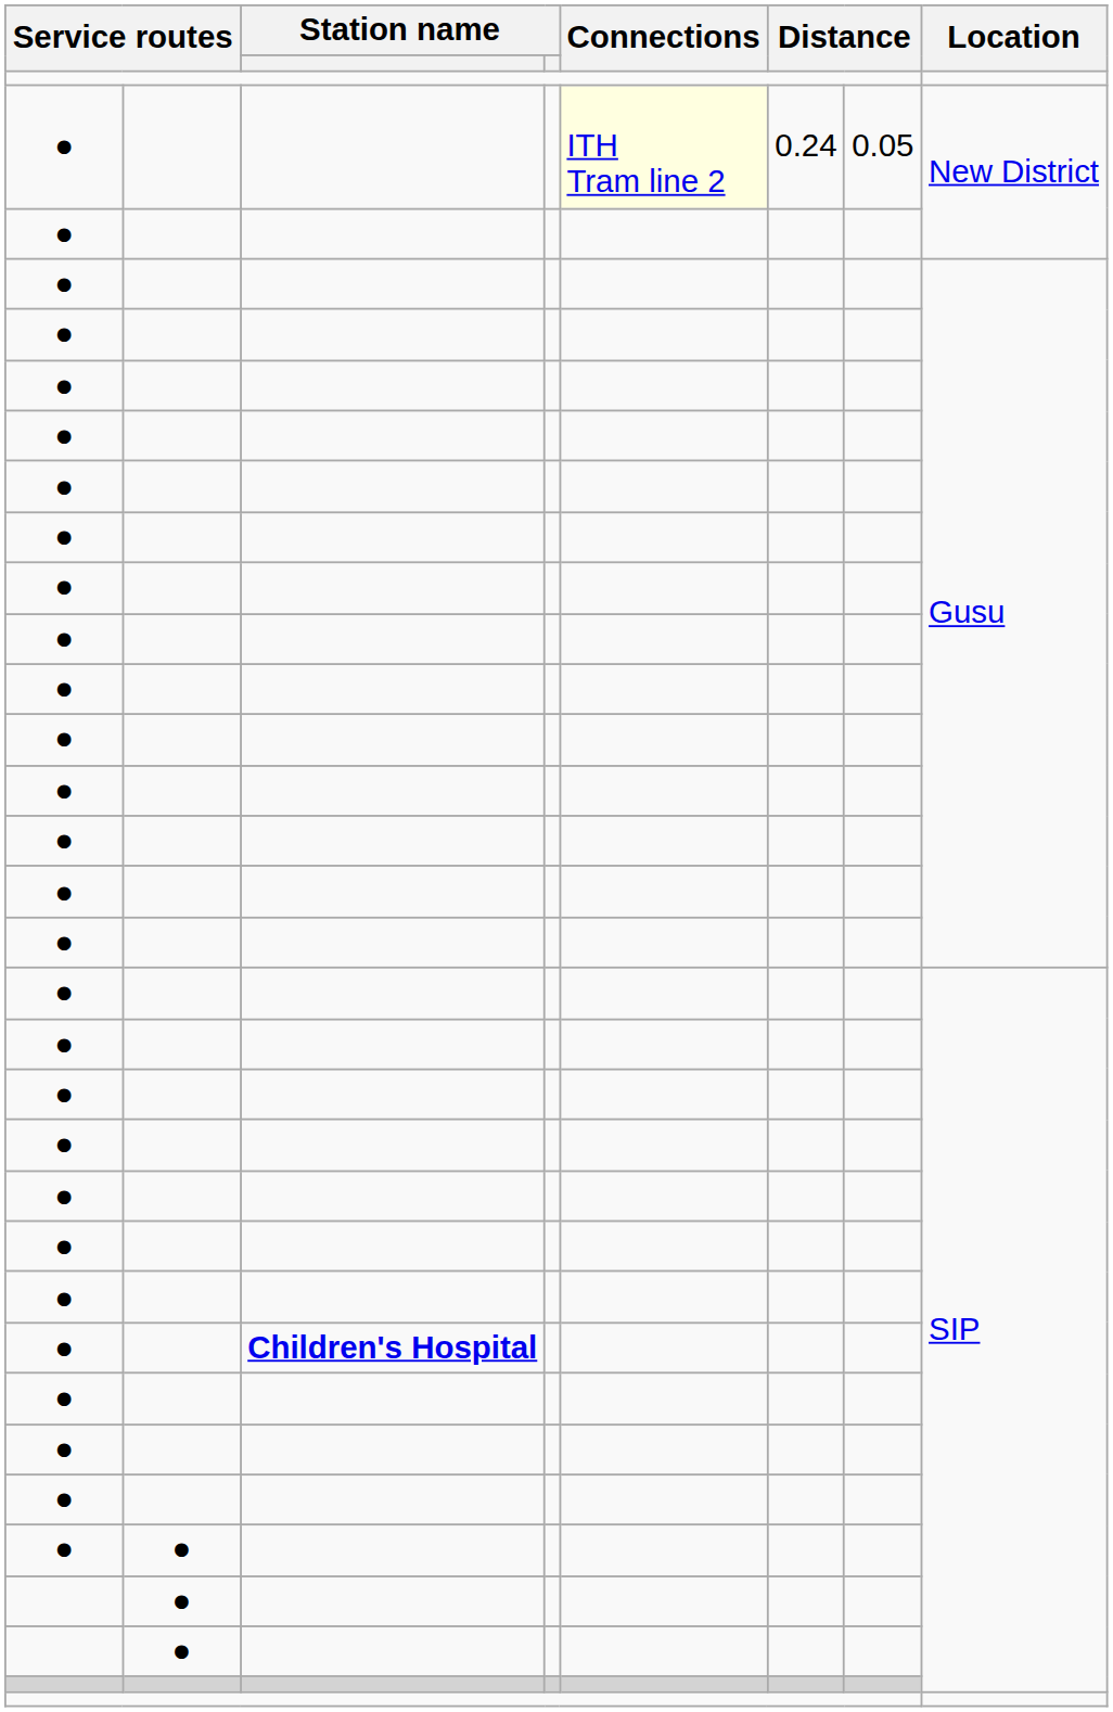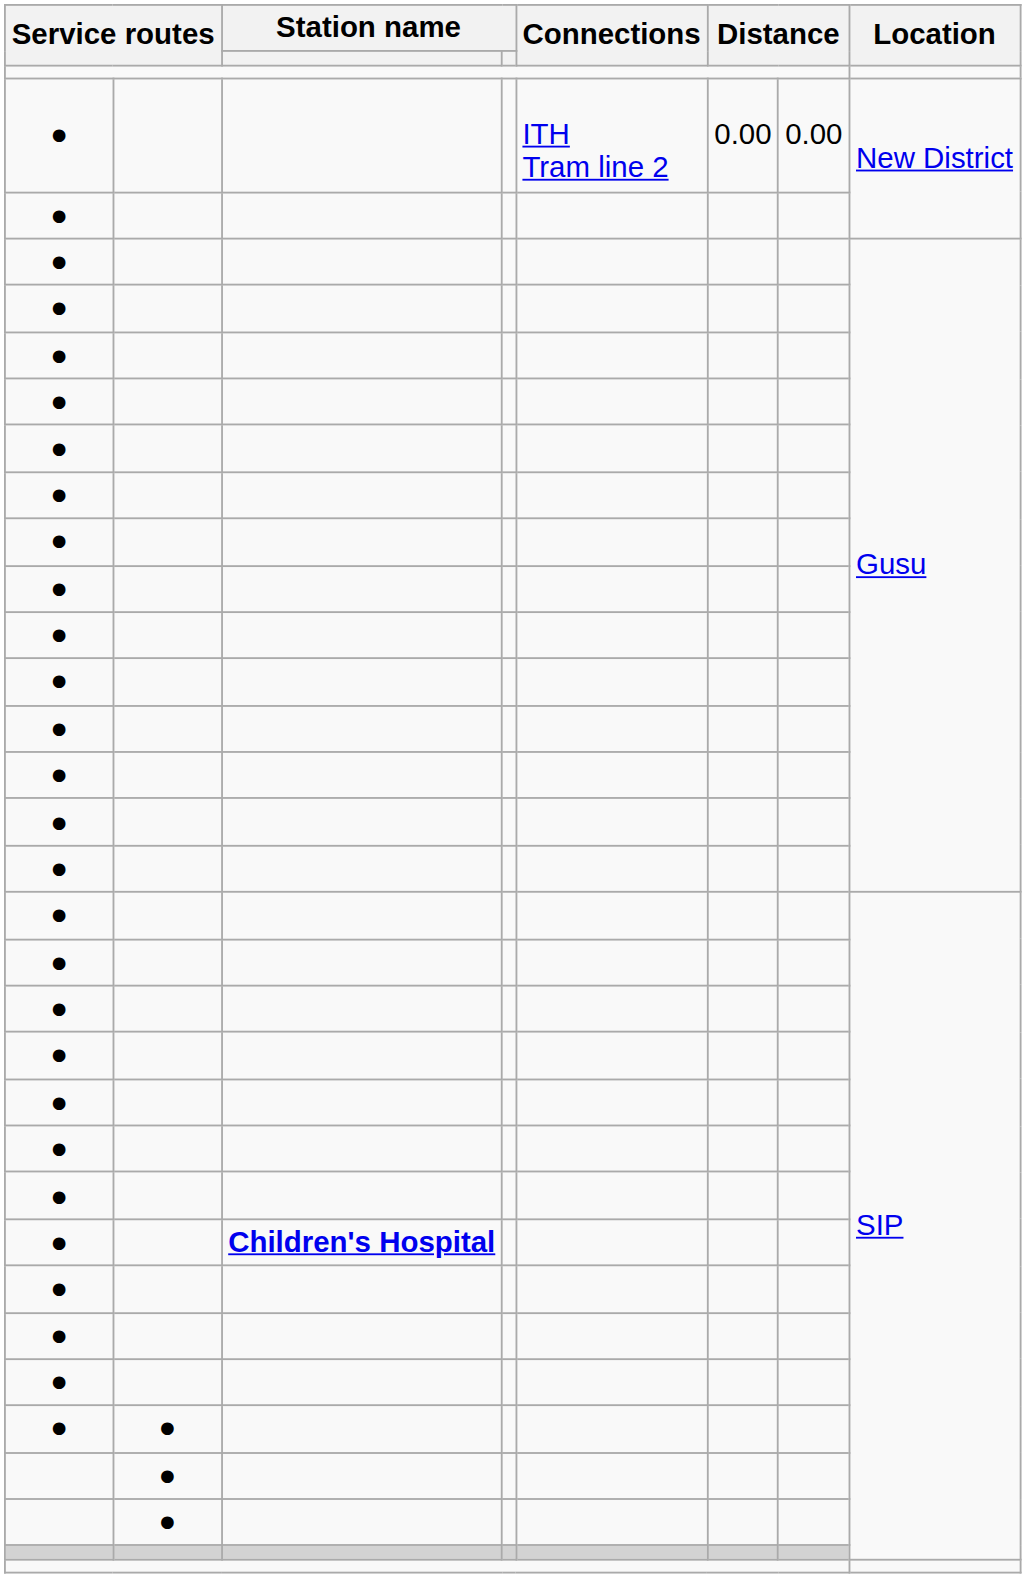 <table class="wikitable">
 <tr>
 <th colspan="2" rowspan="2">Service routes</th>
 <th colspan="2">Station name</th>
 <th rowspan="2">Connections</th>
 <th colspan="2" rowspan="2">Distance<br></th>
 <th rowspan="2">Location</th>
 </tr>
 <tr>
 <th></th>
 <th></th>
 </tr>
 <tr style="background:#">
 <td colspan="7"></td>
 </tr>
 <tr>
 <td align="center">●</td>
 <td></td>
 <td></td>
 <td></td>
-<td style="background: lightyellow;"><br> <a href='#'>ITH</a><br> <a href='#'>Tram line 2</a></td>
-<td>0.24</td>
-<td>0.05</td>
+<td><br> <a href='#'>ITH</a><br> <a href='#'>Tram line 2</a></td>
+<td>0.00</td>
+<td>0.00</td>
 <td rowspan="2"><a href='#'>New District</a></td>
 </tr>
 <tr>
 <td align="center">●</td>
 <td></td>
 <td></td>
 <td></td>
 <td></td>
 <td></td>
 <td></td>
 </tr>
 <tr>
 <td align="center">●</td>
 <td></td>
 <td></td>
 <td></td>
 <td></td>
 <td></td>
 <td></td>
 <td rowspan="14"><a href='#'>Gusu</a></td>
 </tr>
 <tr>
 <td align="center">●</td>
 <td></td>
 <td></td>
 <td></td>
 <td></td>
 <td></td>
 <td></td>
 </tr>
 <tr>
 <td align="center">●</td>
 <td></td>
 <td></td>
 <td></td>
 <td></td>
 <td></td>
 <td></td>
 </tr>
 <tr>
 <td align="center">●</td>
 <td></td>
 <td></td>
 <td></td>
 <td></td>
 <td></td>
 <td></td>
 </tr>
 <tr>
 <td align="center">●</td>
 <td></td>
 <td></td>
 <td></td>
 <td></td>
 <td></td>
 <td></td>
 </tr>
 <tr>
 <td align="center">●</td>
 <td></td>
 <td></td>
 <td></td>
 <td></td>
 <td></td>
 <td></td>
 </tr>
 <tr>
 <td align="center">●</td>
 <td></td>
 <td></td>
 <td></td>
 <td></td>
 <td></td>
 <td></td>
 </tr>
 <tr>
 <td align="center">●</td>
 <td></td>
 <td></td>
 <td></td>
 <td></td>
 <td></td>
 <td></td>
 </tr>
 <tr>
 <td align="center">●</td>
 <td></td>
 <td></td>
 <td></td>
 <td></td>
 <td></td>
 <td></td>
 </tr>
 <tr>
 <td align="center">●</td>
 <td></td>
 <td></td>
 <td></td>
 <td></td>
 <td></td>
 <td></td>
 </tr>
 <tr>
 <td align="center">●</td>
 <td></td>
 <td></td>
 <td></td>
 <td></td>
 <td></td>
 <td></td>
 </tr>
 <tr>
 <td align="center">●</td>
 <td></td>
 <td></td>
 <td></td>
 <td></td>
 <td></td>
 <td></td>
 </tr>
 <tr>
 <td align="center">●</td>
 <td></td>
 <td></td>
 <td></td>
 <td></td>
 <td></td>
 <td></td>
 </tr>
 <tr>
 <td align="center">●</td>
 <td></td>
 <td></td>
 <td></td>
 <td></td>
 <td></td>
 <td></td>
 </tr>
 <tr>
 <td align="center">●</td>
 <td></td>
 <td></td>
 <td></td>
 <td></td>
 <td></td>
 <td></td>
 <td rowspan="15"><a href='#'>SIP</a></td>
 </tr>
 <tr>
 <td align="center">●</td>
 <td></td>
 <td></td>
 <td></td>
 <td></td>
 <td></td>
 <td></td>
 </tr>
 <tr>
 <td align="center">●</td>
 <td></td>
 <td></td>
 <td></td>
 <td></td>
 <td></td>
 <td></td>
 </tr>
 <tr>
 <td align="center">●</td>
 <td></td>
 <td></td>
 <td></td>
 <td></td>
 <td></td>
 <td></td>
 </tr>
 <tr>
 <td align="center">●</td>
 <td></td>
 <td></td>
 <td></td>
 <td></td>
 <td></td>
 <td></td>
 </tr>
 <tr>
 <td align="center">●</td>
 <td></td>
 <td></td>
 <td></td>
 <td></td>
 <td></td>
 <td></td>
 </tr>
 <tr>
 <td align="center">●</td>
 <td></td>
 <td></td>
 <td></td>
 <td></td>
 <td></td>
 <td></td>
 </tr>
 <tr>
 <td align="center">●</td>
 <td></td>
 <td><strong><a href='#'>Children's Hospital</a></strong></td>
 <td></td>
 <td></td>
 <td></td>
 <td></td>
 </tr>
 <tr>
 <td align="center">●</td>
 <td></td>
 <td></td>
 <td></td>
 <td></td>
 <td></td>
 <td></td>
 </tr>
 <tr>
 <td align="center">●</td>
 <td></td>
 <td></td>
 <td></td>
 <td></td>
 <td></td>
 <td></td>
 </tr>
 <tr>
 <td align="center">●</td>
 <td></td>
 <td></td>
 <td></td>
 <td></td>
 <td></td>
 <td></td>
 </tr>
 <tr>
 <td align="center">●</td>
 <td align="center">●</td>
 <td></td>
 <td></td>
 <td></td>
 <td></td>
 <td></td>
 </tr>
 <tr>
 <td></td>
 <td align="center">●</td>
 <td></td>
 <td></td>
 <td></td>
 <td></td>
 <td></td>
 </tr>
 <tr>
 <td></td>
 <td align="center">●</td>
 <td></td>
 <td></td>
 <td></td>
 <td></td>
 <td></td>
 </tr>
 <tr bgcolor="lightgrey">
 <td></td>
 <td></td>
 <td></td>
 <td></td>
 <td></td>
 <td></td>
 <td></td>
 </tr>
 <tr style="background:#">
 <td colspan="7"></td>
 </tr>
 </table>
